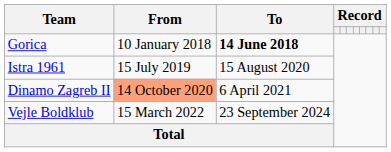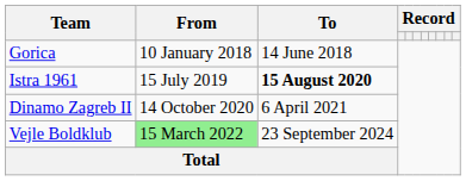 <table class=wikitable style="text-align: center">
 <tr>
 <th rowspan=2>Team</th>
 <th rowspan=2>From</th>
 <th rowspan=2>To</th>
 <th colspan=8>Record</th>
 </tr>
 <tr>
 <th></th>
 <th></th>
 <th></th>
 <th></th>
 <th></th>
 <th></th>
 <th></th>
 <th></th>
 </tr>
 <tr>
 <td align=left><a href='#'>Gorica</a></td>
 <td align=left>10 January 2018</td>
-<td align=left><strong>14 June 2018<br></strong></td>
+<td align=left>14 June 2018<br></td>
 </tr>
 <tr>
 <td align=left><a href='#'>Istra 1961</a></td>
 <td align=left>15 July 2019</td>
-<td align=left>15 August 2020<br></td>
+<td align=left><strong>15 August 2020<br></strong></td>
 </tr>
 <tr>
 <td align=left><a href='#'>Dinamo Zagreb II</a></td>
-<td align=left style="background: lightsalmon;">14 October 2020</td>
+<td align=left>14 October 2020</td>
 <td align=left>6 April 2021<br></td>
 </tr>
 <tr>
 <td align=left><a href='#'>Vejle Boldklub</a></td>
-<td align=left>15 March 2022</td>
+<td align=left style="background: lightgreen;">15 March 2022</td>
 <td align=left>23 September 2024<br></td>
 </tr>
 <tr>
 <th colspan=3>Total<br></th>
 </tr>
 </table>
